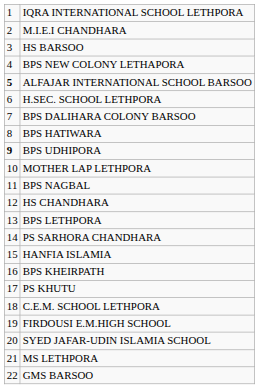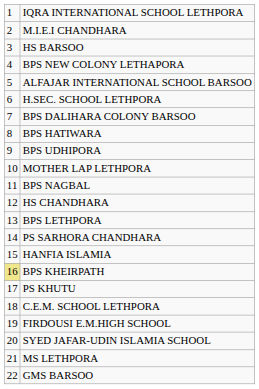 <table class="wikitable">
 <tr>
 <td>1</td>
 <td>IQRA INTERNATIONAL SCHOOL LETHPORA</td>
 </tr>
 <tr>
 <td>2</td>
 <td>M.I.E.I CHANDHARA</td>
 </tr>
 <tr>
 <td>3</td>
 <td>HS BARSOO</td>
 </tr>
 <tr>
 <td>4</td>
 <td>BPS NEW COLONY LETHAPORA</td>
 </tr>
 <tr>
-<td><strong>5</strong></td>
+<td>5</td>
 <td>ALFAJAR INTERNATIONAL SCHOOL BARSOO</td>
 </tr>
 <tr>
 <td>6</td>
 <td>H.SEC. SCHOOL LETHPORA</td>
 </tr>
 <tr>
 <td>7</td>
 <td>BPS DALIHARA COLONY BARSOO</td>
 </tr>
 <tr>
 <td>8</td>
 <td>BPS HATIWARA</td>
 </tr>
 <tr>
-<td><strong>9</strong></td>
+<td>9</td>
 <td>BPS UDHIPORA</td>
 </tr>
 <tr>
 <td>10</td>
 <td>MOTHER LAP LETHPORA</td>
 </tr>
 <tr>
 <td>11</td>
 <td>BPS NAGBAL</td>
 </tr>
 <tr>
 <td>12</td>
 <td>HS CHANDHARA</td>
 </tr>
 <tr>
 <td>13</td>
 <td>BPS LETHPORA</td>
 </tr>
 <tr>
 <td>14</td>
 <td>PS SARHORA CHANDHARA</td>
 </tr>
 <tr>
 <td>15</td>
 <td>HANFIA ISLAMIA</td>
 </tr>
 <tr>
-<td>16</td>
+<td style="background: khaki;">16</td>
 <td>BPS KHEIRPATH</td>
 </tr>
 <tr>
 <td>17</td>
 <td>PS KHUTU</td>
 </tr>
 <tr>
 <td>18</td>
 <td>C.E.M. SCHOOL LETHPORA</td>
 </tr>
 <tr>
 <td>19</td>
 <td>FIRDOUSI E.M.HIGH SCHOOL</td>
 </tr>
 <tr>
 <td>20</td>
 <td>SYED JAFAR-UDIN ISLAMIA SCHOOL</td>
 </tr>
 <tr>
 <td>21</td>
 <td>MS LETHPORA</td>
 </tr>
 <tr>
 <td>22</td>
 <td>GMS BARSOO</td>
 </tr>
 </table>
